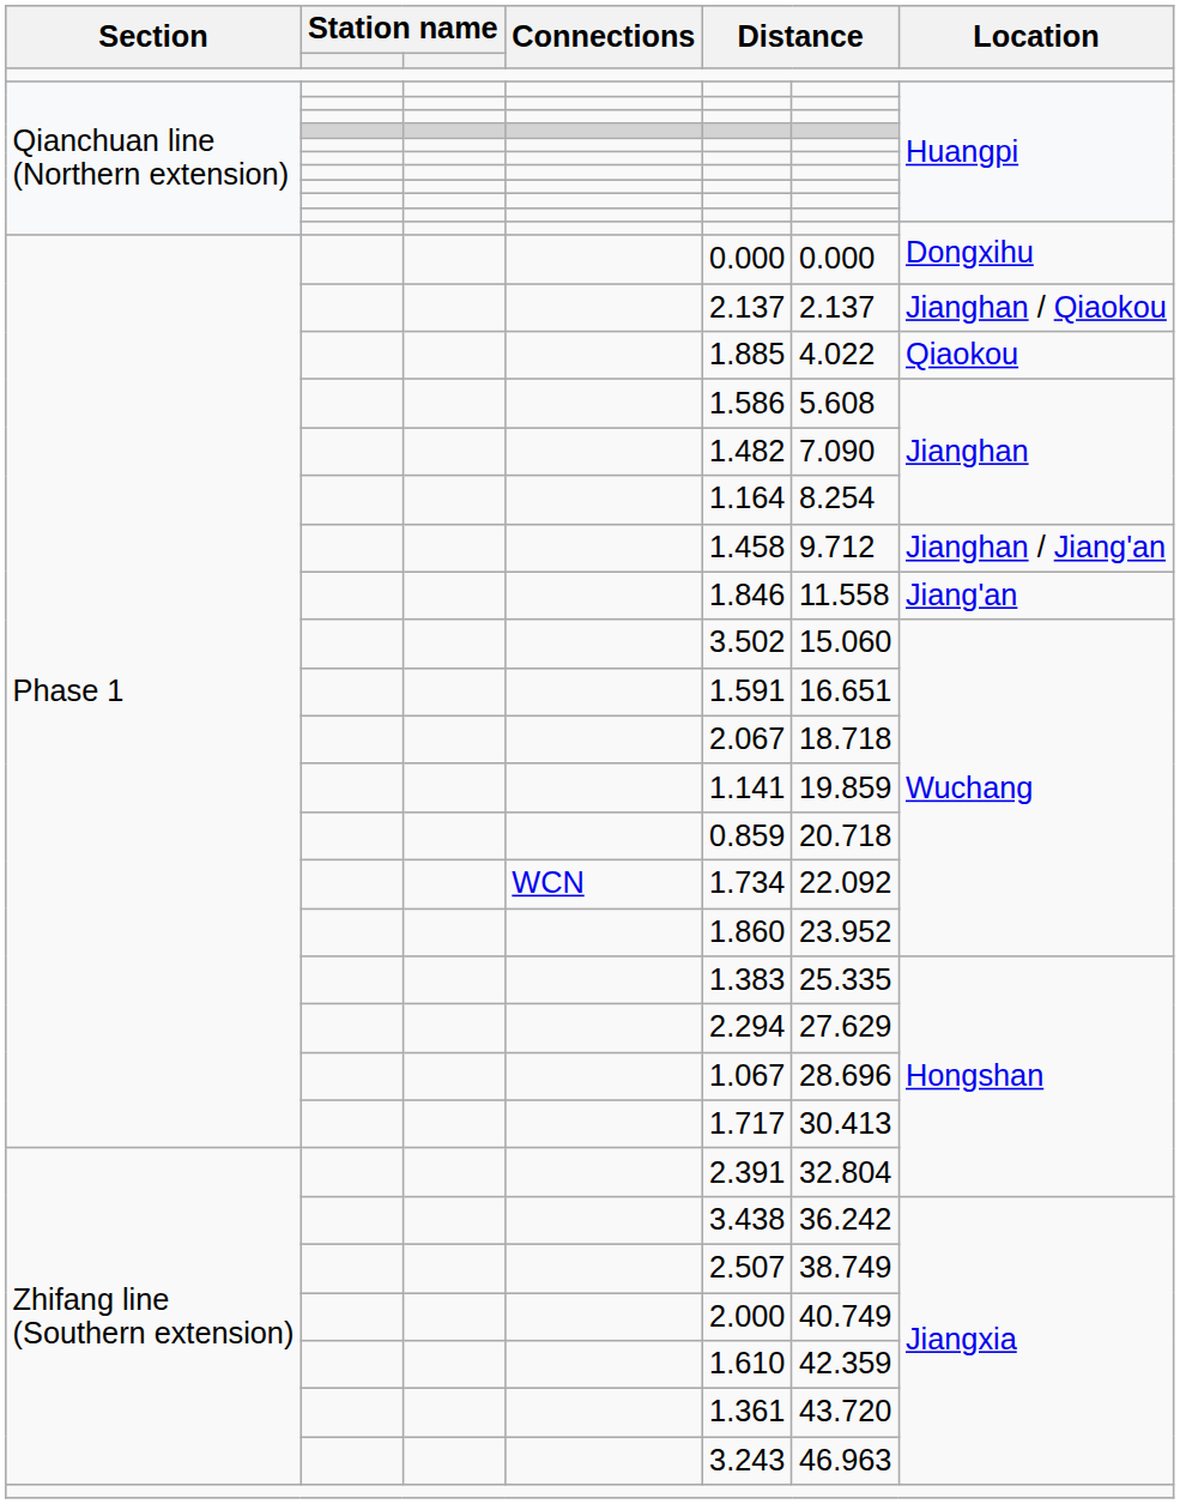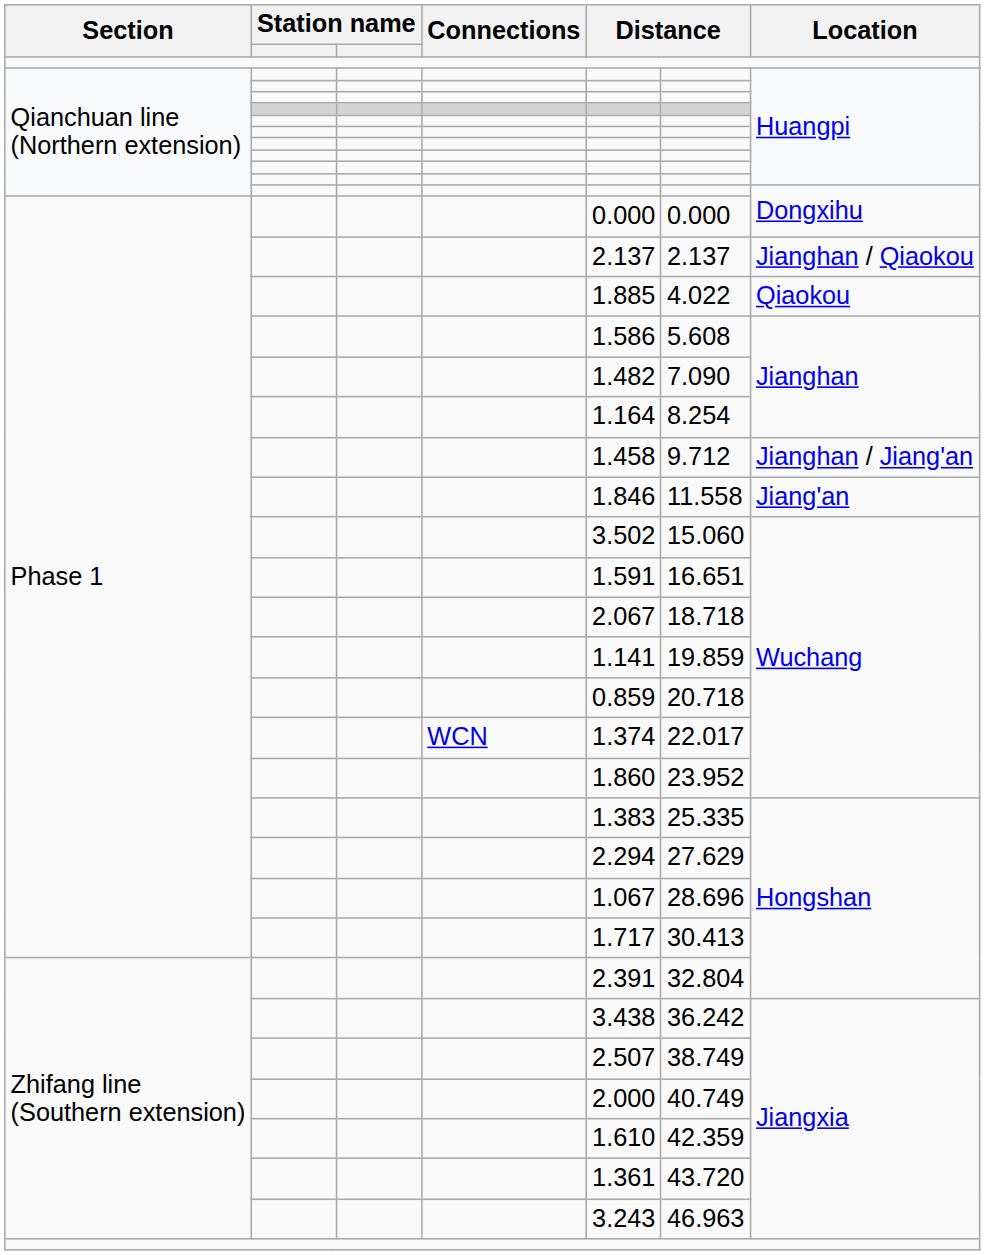 <table class="wikitable">
 <tr>
 <th rowspan="2">Section</th>
 <th colspan="2">Station name</th>
 <th rowspan="2">Connections</th>
 <th colspan="2" rowspan="2">Distance<br></th>
 <th rowspan="2">Location</th>
 </tr>
 <tr>
 <th></th>
 <th></th>
 </tr>
 <tr style="background:#">
 <td colspan = "7"></td>
 </tr>
 <tr>
 <td bgcolor=#F8F9FA rowspan="11">Qianchuan line<br>(Northern extension)</td>
 <td></td>
 <td></td>
 <td></td>
 <td></td>
 <td></td>
 <td bgcolor=#F8F9FA rowspan="10"><a href='#'>Huangpi</a></td>
 </tr>
 <tr>
 <td></td>
 <td></td>
 <td></td>
 <td></td>
 <td></td>
 </tr>
 <tr>
 <td></td>
 <td></td>
 <td></td>
 <td></td>
 <td></td>
 </tr>
 <tr bgcolor="lightgrey">
 <td><em> </em></td>
 <td></td>
 <td></td>
 <td></td>
 <td></td>
 </tr>
 <tr>
 <td></td>
 <td></td>
 <td></td>
 <td></td>
 <td></td>
 </tr>
 <tr>
 <td></td>
 <td></td>
 <td></td>
 <td></td>
 <td></td>
 </tr>
 <tr>
 <td></td>
 <td></td>
 <td></td>
 <td></td>
 <td></td>
 </tr>
 <tr>
 <td></td>
 <td></td>
 <td></td>
 <td></td>
 <td></td>
 </tr>
 <tr>
 <td></td>
 <td></td>
 <td></td>
 <td></td>
 <td></td>
 </tr>
 <tr>
 <td></td>
 <td></td>
 <td></td>
 <td></td>
 <td></td>
 </tr>
 <tr>
 <td></td>
 <td></td>
 <td></td>
 <td></td>
 <td></td>
 <td rowspan="2"><a href='#'>Dongxihu</a></td>
 </tr>
 <tr>
 <td rowspan="19">Phase 1</td>
 <td></td>
 <td></td>
 <td></td>
 <td>0.000</td>
 <td>0.000</td>
 </tr>
 <tr>
 <td> </td>
 <td></td>
 <td></td>
 <td>2.137</td>
 <td>2.137</td>
 <td rowspan="1"><a href='#'>Jianghan</a> / <a href='#'>Qiaokou</a></td>
 </tr>
 <tr>
 <td></td>
 <td></td>
 <td></td>
 <td>1.885</td>
 <td>4.022</td>
 <td rowspan="1"><a href='#'>Qiaokou</a></td>
 </tr>
 <tr>
 <td></td>
 <td></td>
 <td></td>
 <td>1.586</td>
 <td>5.608</td>
 <td rowspan="3"><a href='#'>Jianghan</a></td>
 </tr>
 <tr>
 <td></td>
 <td></td>
 <td></td>
 <td>1.482</td>
 <td>7.090</td>
 </tr>
 <tr>
 <td></td>
 <td></td>
 <td></td>
 <td>1.164</td>
 <td>8.254</td>
 </tr>
 <tr>
 <td></td>
 <td></td>
 <td> </td>
 <td>1.458</td>
 <td>9.712</td>
 <td rowspan="1"><a href='#'>Jianghan</a> / <a href='#'>Jiang'an</a></td>
 </tr>
 <tr>
 <td></td>
 <td></td>
 <td></td>
 <td>1.846</td>
 <td>11.558</td>
 <td rowspan="1"><a href='#'>Jiang'an</a></td>
 </tr>
 <tr>
 <td></td>
 <td></td>
 <td> </td>
 <td>3.502</td>
 <td>15.060</td>
 <td rowspan="7"><a href='#'>Wuchang</a></td>
 </tr>
 <tr>
 <td></td>
 <td></td>
 <td></td>
 <td>1.591</td>
 <td>16.651</td>
 </tr>
 <tr>
 <td></td>
 <td></td>
 <td></td>
 <td>2.067</td>
 <td>18.718</td>
 </tr>
 <tr>
 <td></td>
 <td></td>
 <td></td>
 <td>1.141</td>
 <td>19.859</td>
 </tr>
 <tr>
 <td></td>
 <td></td>
 <td></td>
 <td>0.859</td>
 <td>20.718</td>
 </tr>
 <tr>
 <td></td>
 <td></td>
 <td>   <a href='#'>WCN</a></td>
-<td>1.734</td>
-<td>22.092</td>
+<td>1.374</td>
+<td>22.017</td>
 </tr>
 <tr>
 <td></td>
 <td></td>
 <td></td>
 <td>1.860</td>
 <td>23.952</td>
 </tr>
 <tr>
 <td></td>
 <td></td>
 <td></td>
 <td>1.383</td>
 <td>25.335</td>
 <td rowspan="5"><a href='#'>Hongshan</a></td>
 </tr>
 <tr>
 <td></td>
 <td></td>
 <td></td>
 <td>2.294</td>
 <td>27.629</td>
 </tr>
 <tr>
 <td></td>
 <td></td>
 <td></td>
 <td>1.067</td>
 <td>28.696</td>
 </tr>
 <tr>
 <td></td>
 <td></td>
 <td></td>
 <td>1.717</td>
 <td>30.413</td>
 </tr>
 <tr>
 <td rowspan="7">Zhifang line<br>(Southern extension)</td>
 <td></td>
 <td></td>
 <td></td>
 <td>2.391</td>
 <td>32.804</td>
 </tr>
 <tr>
 <td></td>
 <td></td>
 <td></td>
 <td>3.438</td>
 <td>36.242</td>
 <td rowspan="6"><a href='#'>Jiangxia</a></td>
 </tr>
 <tr>
 <td></td>
 <td></td>
 <td></td>
 <td>2.507</td>
 <td>38.749</td>
 </tr>
 <tr>
 <td></td>
 <td></td>
 <td></td>
 <td>2.000</td>
 <td>40.749</td>
 </tr>
 <tr>
 <td></td>
 <td></td>
 <td></td>
 <td>1.610</td>
 <td>42.359</td>
 </tr>
 <tr>
 <td></td>
 <td></td>
 <td></td>
 <td>1.361</td>
 <td>43.720</td>
 </tr>
 <tr>
 <td></td>
 <td></td>
 <td></td>
 <td>3.243</td>
 <td>46.963</td>
 </tr>
 <tr style="background:#">
 <td colspan = "7"></td>
 </tr>
 </table>
